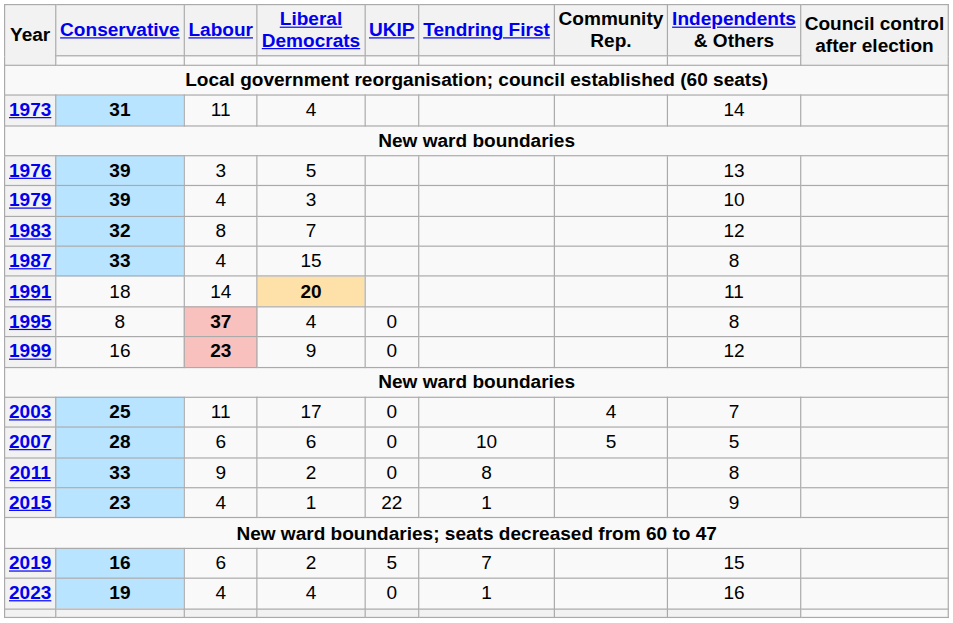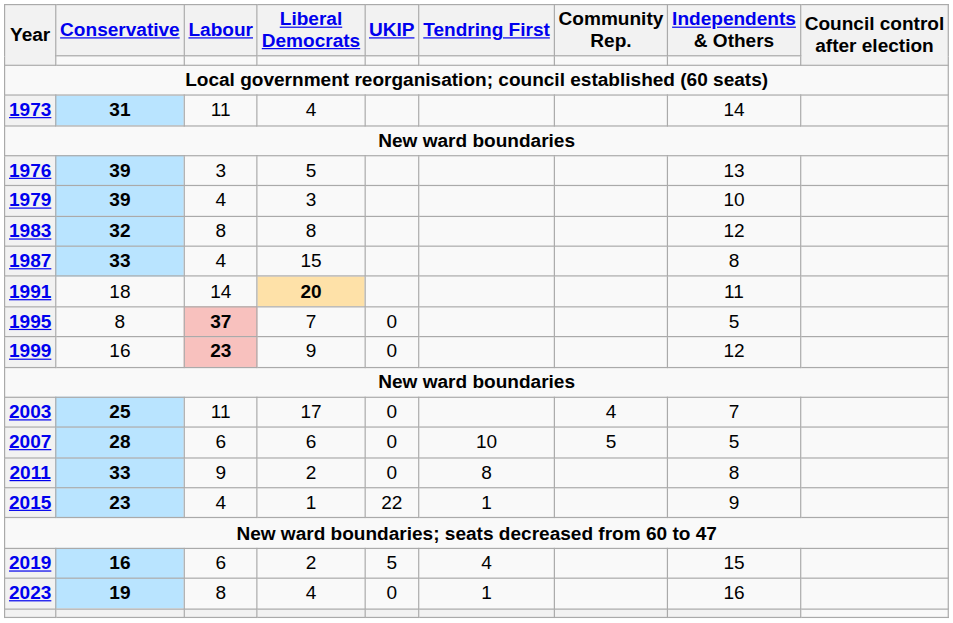 <table class="wikitable plainrowheaders" style="text-align:center">
 <tr>
 <th scope="col" rowspan="2">Year</th>
 <th scope="col"><a href='#'>Conservative</a></th>
 <th scope="col"><a href='#'>Labour</a></th>
 <th scope="col" style="width:1px"><a href='#'>Liberal Democrats</a></th>
 <th scope="col"><a href='#'>UKIP</a></th>
 <th scope="col"><a href='#'>Tendring First</a></th>
 <th scope="col">Community<br>Rep.</th>
 <th scope="col"><a href='#'>Independents</a><br>& Others</th>
 <th scope="col" rowspan="2" colspan="2">Council control<br>after election</th>
 </tr>
 <tr>
 <td style="background:"></td>
 <td style="background:"></td>
 <td style="background:"></td>
 <td style="background:"></td>
 <td style="background:"></td>
 <td style="background:"></td>
 <td style="background:"></td>
 </tr>
 <tr>
 <td colspan="10"><strong>Local government reorganisation; council established (60 seats)</strong></td>
 </tr>
 <tr>
 <th scope="row"><a href='#'>1973</a></th>
 <td style="background:#B9E4FF;"><strong>31</strong></td>
 <td>11</td>
 <td>4</td>
 <td></td>
 <td></td>
 <td></td>
 <td>14</td>
 <td></td>
 </tr>
 <tr>
 <td colspan="10"><strong>New ward boundaries</strong></td>
 </tr>
 <tr>
 <th scope="row"><a href='#'>1976</a></th>
 <td style="background:#B9E4FF;"><strong>39</strong></td>
 <td>3</td>
 <td>5</td>
 <td></td>
 <td></td>
 <td></td>
 <td>13</td>
 <td></td>
 </tr>
 <tr>
 <th scope="row"><a href='#'>1979</a></th>
 <td style="background:#B9E4FF;"><strong>39</strong></td>
 <td>4</td>
 <td>3</td>
 <td></td>
 <td></td>
 <td></td>
 <td>10</td>
 <td></td>
 </tr>
 <tr>
 <th scope="row"><a href='#'>1983</a></th>
 <td style="background:#B9E4FF;"><strong>32</strong></td>
 <td>8</td>
-<td>7</td>
+<td>8</td>
 <td></td>
 <td></td>
 <td></td>
 <td>12</td>
 <td></td>
 </tr>
 <tr>
 <th scope="row"><a href='#'>1987</a></th>
 <td style="background:#B9E4FF;"><strong>33</strong></td>
 <td>4</td>
 <td>15</td>
 <td></td>
 <td></td>
 <td></td>
 <td>8</td>
 <td></td>
 </tr>
 <tr>
 <th scope="row"><a href='#'>1991</a></th>
 <td>18</td>
 <td>14</td>
 <td style="background:#FEE1A8"><strong>20</strong></td>
 <td></td>
 <td></td>
 <td></td>
 <td>11</td>
 <td></td>
 </tr>
 <tr>
 <th scope="row"><a href='#'>1995</a></th>
 <td>8</td>
 <td style="background:#F8C1BE;"><strong>37</strong></td>
-<td>4</td>
+<td>7</td>
 <td>0</td>
 <td></td>
 <td></td>
-<td>8</td>
+<td>5</td>
 <td></td>
 </tr>
 <tr>
 <th scope="row"><a href='#'>1999</a></th>
 <td>16</td>
 <td style="background:#F8C1BE;"><strong>23</strong></td>
 <td>9</td>
 <td>0</td>
 <td></td>
 <td></td>
 <td>12</td>
 <td></td>
 </tr>
 <tr>
 <td colspan="10"><strong>New ward boundaries</strong></td>
 </tr>
 <tr>
 <th scope="row"><a href='#'>2003</a></th>
 <td style="background:#B9E4FF;"><strong>25</strong></td>
 <td>11</td>
 <td>17</td>
 <td>0</td>
 <td></td>
 <td>4</td>
 <td>7</td>
 <td></td>
 </tr>
 <tr>
 <th scope="row"><a href='#'>2007</a></th>
 <td style="background:#B9E4FF;"><strong>28</strong></td>
 <td>6</td>
 <td>6</td>
 <td>0</td>
 <td>10</td>
 <td>5</td>
 <td>5</td>
 <td></td>
 </tr>
 <tr>
 <th scope="row"><a href='#'>2011</a></th>
 <td style="background:#B9E4FF;"><strong>33</strong></td>
 <td>9</td>
 <td>2</td>
 <td>0</td>
 <td>8</td>
 <td></td>
 <td>8</td>
 <td></td>
 </tr>
 <tr>
 <th scope="row"><a href='#'>2015</a></th>
 <td style="background:#B9E4FF;"><strong>23</strong></td>
 <td>4</td>
 <td>1</td>
 <td>22</td>
 <td>1</td>
 <td></td>
 <td>9</td>
 <td></td>
 </tr>
 <tr>
 <td colspan="10"><strong>New ward boundaries; seats decreased from 60 to 47</strong></td>
 </tr>
 <tr>
 <th scope="row"><a href='#'>2019</a></th>
 <td style="background:#B9E4FF;"><strong>16</strong></td>
 <td>6</td>
 <td>2</td>
 <td>5</td>
-<td>7</td>
+<td>4</td>
 <td></td>
 <td>15</td>
 <td></td>
 </tr>
 <tr>
 <th scope="row"><a href='#'>2023</a></th>
 <td style="background:#B9E4FF;"><strong>19</strong></td>
-<td>4</td>
+<td>8</td>
 <td>4</td>
 <td>0</td>
 <td>1</td>
 <td></td>
 <td>16</td>
 <td></td>
 </tr>
 <tr>
 <th></th>
 <th style="background-color: "></th>
 <th style="background-color: "></th>
 <th style="background-color: "></th>
 <th style="background-color: "></th>
 <th style="background-color: "></th>
 <th style="background-color: "></th>
 <th style="background-color: "></th>
 </tr>
 </table>
